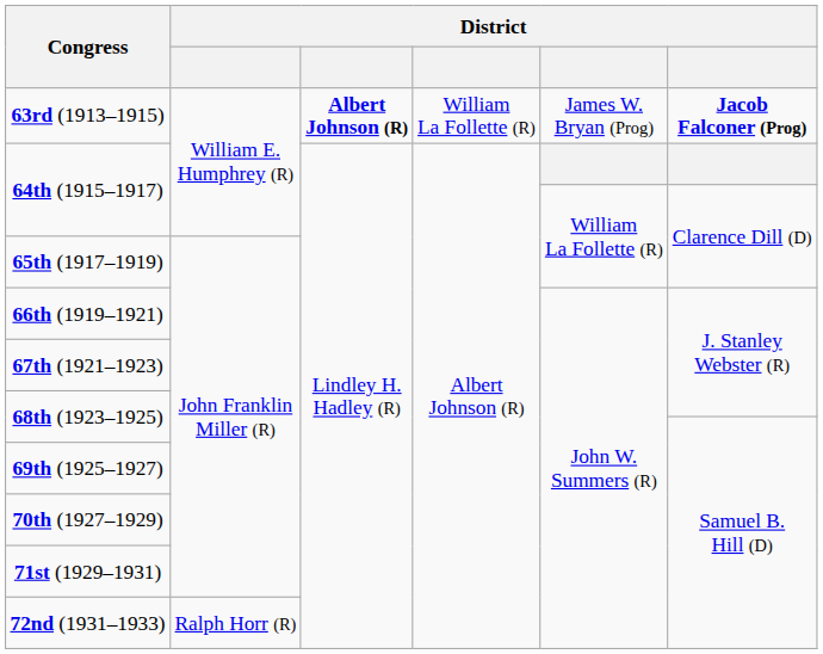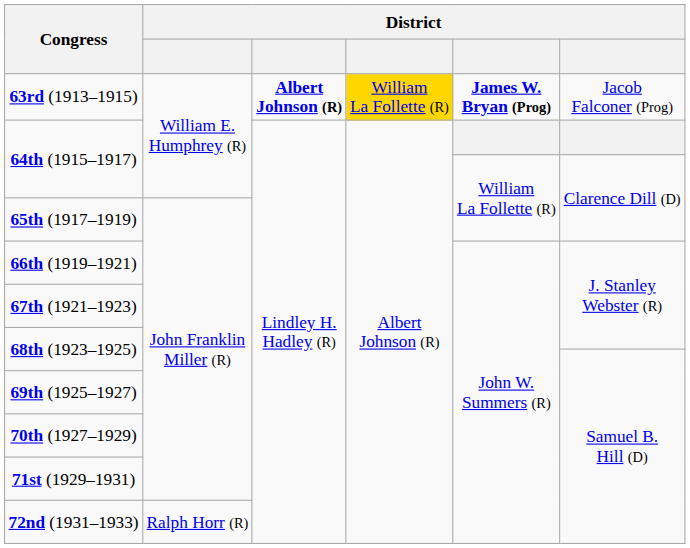 <table class=wikitable style="text-align:center">
 <tr style="height:2em">
 <th rowspan="2">Congress</th>
 <th colspan=5>District</th>
 </tr>
 <tr style="height:2em">
 <th></th>
 <th></th>
 <th></th>
 <th></th>
 <th></th>
 </tr>
 <tr style="height:2.5em">
 <td><strong><a href='#'>63rd</a></strong> (1913–1915)</td>
 <td rowspan=3 ><a href='#'>William E.<br>Humphrey</a> <small>(R)</small></td>
 <td><strong><a href='#'>Albert<br>Johnson</a> <small>(R)</small></strong></td>
-<td><a href='#'>William<br>La Follette</a> <small>(R)</small></td>
-<td><a href='#'>James W.<br>Bryan</a> <small>(Prog)</small></td>
-<td><strong><a href='#'>Jacob<br>Falconer</a> <small>(Prog)</small></strong></td>
+<td style="background: gold;"><a href='#'>William<br>La Follette</a> <small>(R)</small></td>
+<td><strong><a href='#'>James W.<br>Bryan</a> <small>(Prog)</small></strong></td>
+<td><a href='#'>Jacob<br>Falconer</a> <small>(Prog)</small></td>
 </tr>
 <tr style="height:2em">
 <td rowspan="2"><strong><a href='#'>64th</a></strong> (1915–1917)</td>
 <td rowspan=11 ><a href='#'>Lindley H.<br>Hadley</a> <small>(R)</small></td>
 <td rowspan=11 ><a href='#'>Albert<br>Johnson</a> <small>(R)</small></td>
 <th></th>
 <th></th>
 </tr>
 <tr style="height:2.5em">
 <td rowspan=2 ><a href='#'>William<br>La Follette</a> <small>(R)</small></td>
 <td rowspan=2 ><a href='#'>Clarence Dill</a> <small>(D)</small></td>
 </tr>
 <tr style="height:2.5em">
 <td><strong><a href='#'>65th</a></strong> (1917–1919)</td>
 <td rowspan=8 ><a href='#'>John Franklin<br>Miller</a> <small>(R)</small></td>
 </tr>
 <tr style="height:2.5em">
 <td><strong><a href='#'>66th</a></strong> (1919–1921)</td>
 <td rowspan=8 ><a href='#'>John W.<br>Summers</a> <small>(R)</small></td>
 <td rowspan=3 ><a href='#'>J. Stanley<br>Webster</a> <small>(R)</small></td>
 </tr>
 <tr style="height:2.5em">
 <td><strong><a href='#'>67th</a></strong> (1921–1923)</td>
 </tr>
 <tr style="height:1.25em">
 <td rowspan=2><strong><a href='#'>68th</a></strong> (1923–1925)</td>
 </tr>
 <tr style="height:1.25em">
 <td rowspan=5 ><a href='#'>Samuel B.<br>Hill</a> <small>(D)</small></td>
 </tr>
 <tr style="height:2.5em">
 <td><strong><a href='#'>69th</a></strong> (1925–1927)</td>
 </tr>
 <tr style="height:2.5em">
 <td><strong><a href='#'>70th</a></strong> (1927–1929)</td>
 </tr>
 <tr style="height:2.5em">
 <td><strong><a href='#'>71st</a></strong> (1929–1931)</td>
 </tr>
 <tr style="height:2.5em">
 <td><strong><a href='#'>72nd</a></strong> (1931–1933)</td>
 <td><a href='#'>Ralph Horr</a> <small>(R)</small></td>
 </tr>
 </table>
